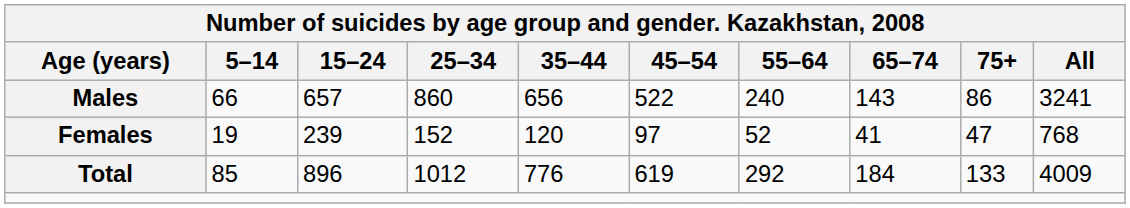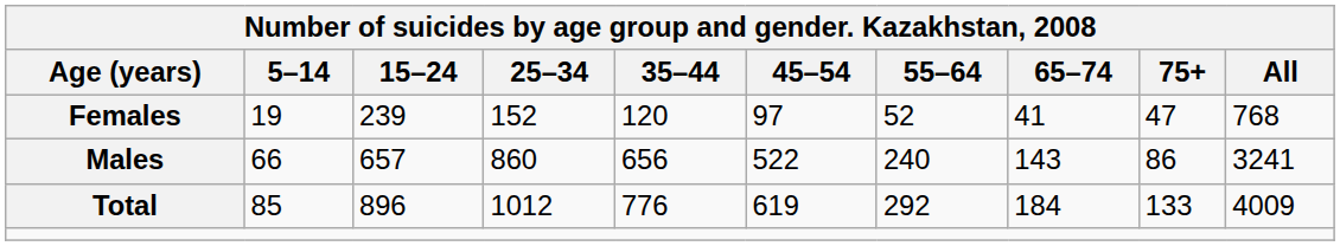 <table class="wikitable" style="width: 60%;">
 <tr>
 <th colspan="10">Number of suicides by age group and gender. Kazakhstan, 2008</th>
 </tr>
 <tr>
 <th><strong>Age (years)</strong></th>
 <th>5–14</th>
 <th>15–24</th>
 <th>25–34</th>
 <th>35–44</th>
 <th>45–54</th>
 <th>55–64</th>
 <th>65–74</th>
 <th>75+</th>
 <th>All</th>
 </tr>
 <tr>
+<th><strong>Females</strong></th>
+<td>19</td>
+<td>239</td>
+<td>152</td>
+<td>120</td>
+<td>97</td>
+<td>52</td>
+<td>41</td>
+<td>47</td>
+<td>768</td>
+</tr>
+<tr>
 <th><strong>Males</strong></th>
 <td>66</td>
 <td>657</td>
 <td>860</td>
 <td>656</td>
 <td>522</td>
 <td>240</td>
 <td>143</td>
 <td>86</td>
 <td>3241</td>
-</tr>
-<tr>
-<th><strong>Females</strong></th>
-<td>19</td>
-<td>239</td>
-<td>152</td>
-<td>120</td>
-<td>97</td>
-<td>52</td>
-<td>41</td>
-<td>47</td>
-<td>768</td>
 </tr>
 <tr>
 <th><strong>Total</strong></th>
 <td>85</td>
 <td>896</td>
 <td>1012</td>
 <td>776</td>
 <td>619</td>
 <td>292</td>
 <td>184</td>
 <td>133</td>
 <td>4009</td>
 </tr>
 <tr>
 <td colspan="10"></td>
 </tr>
 </table>
